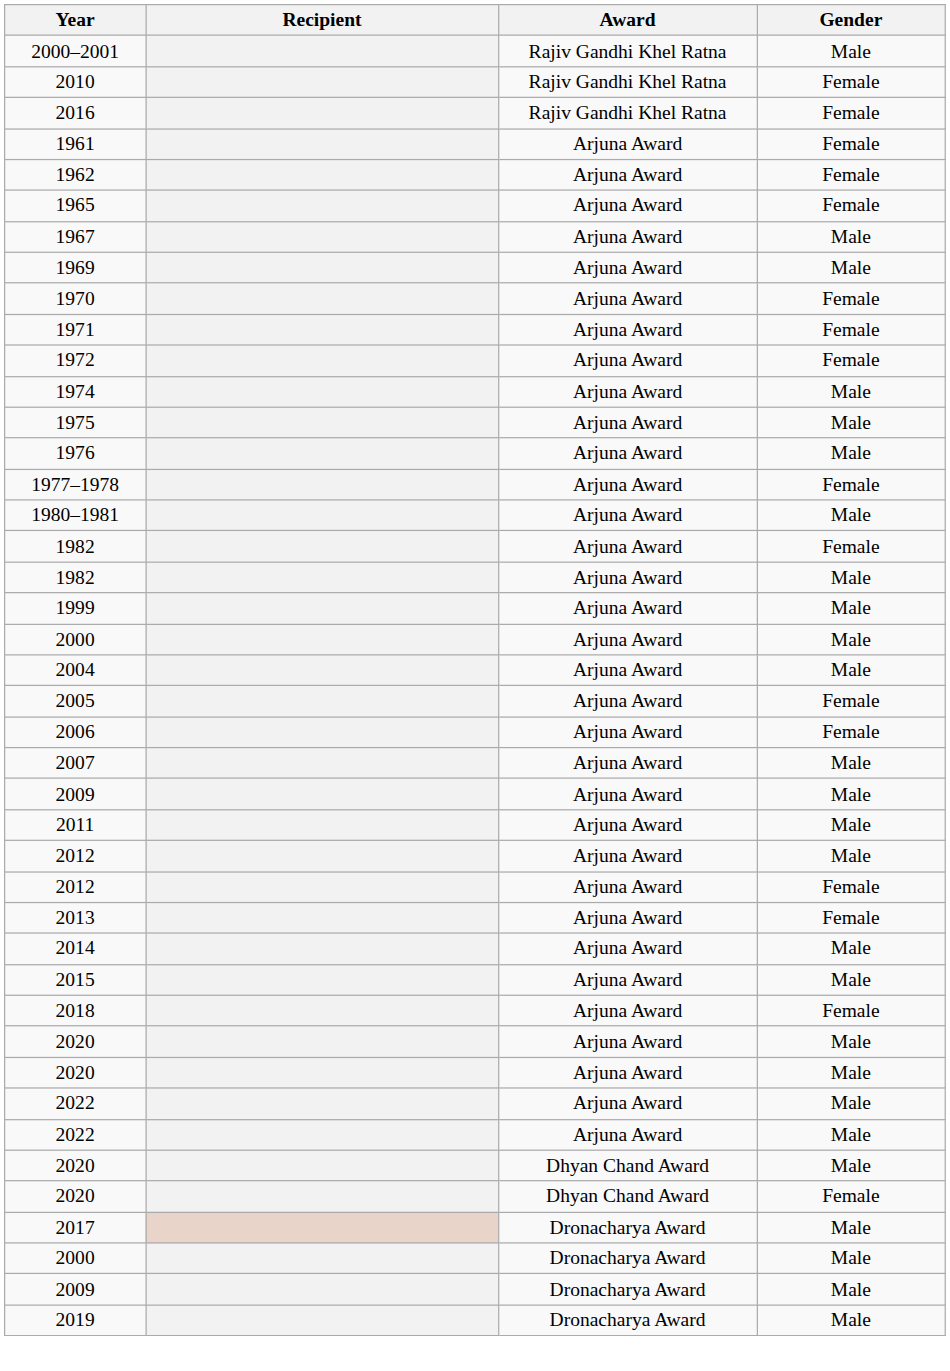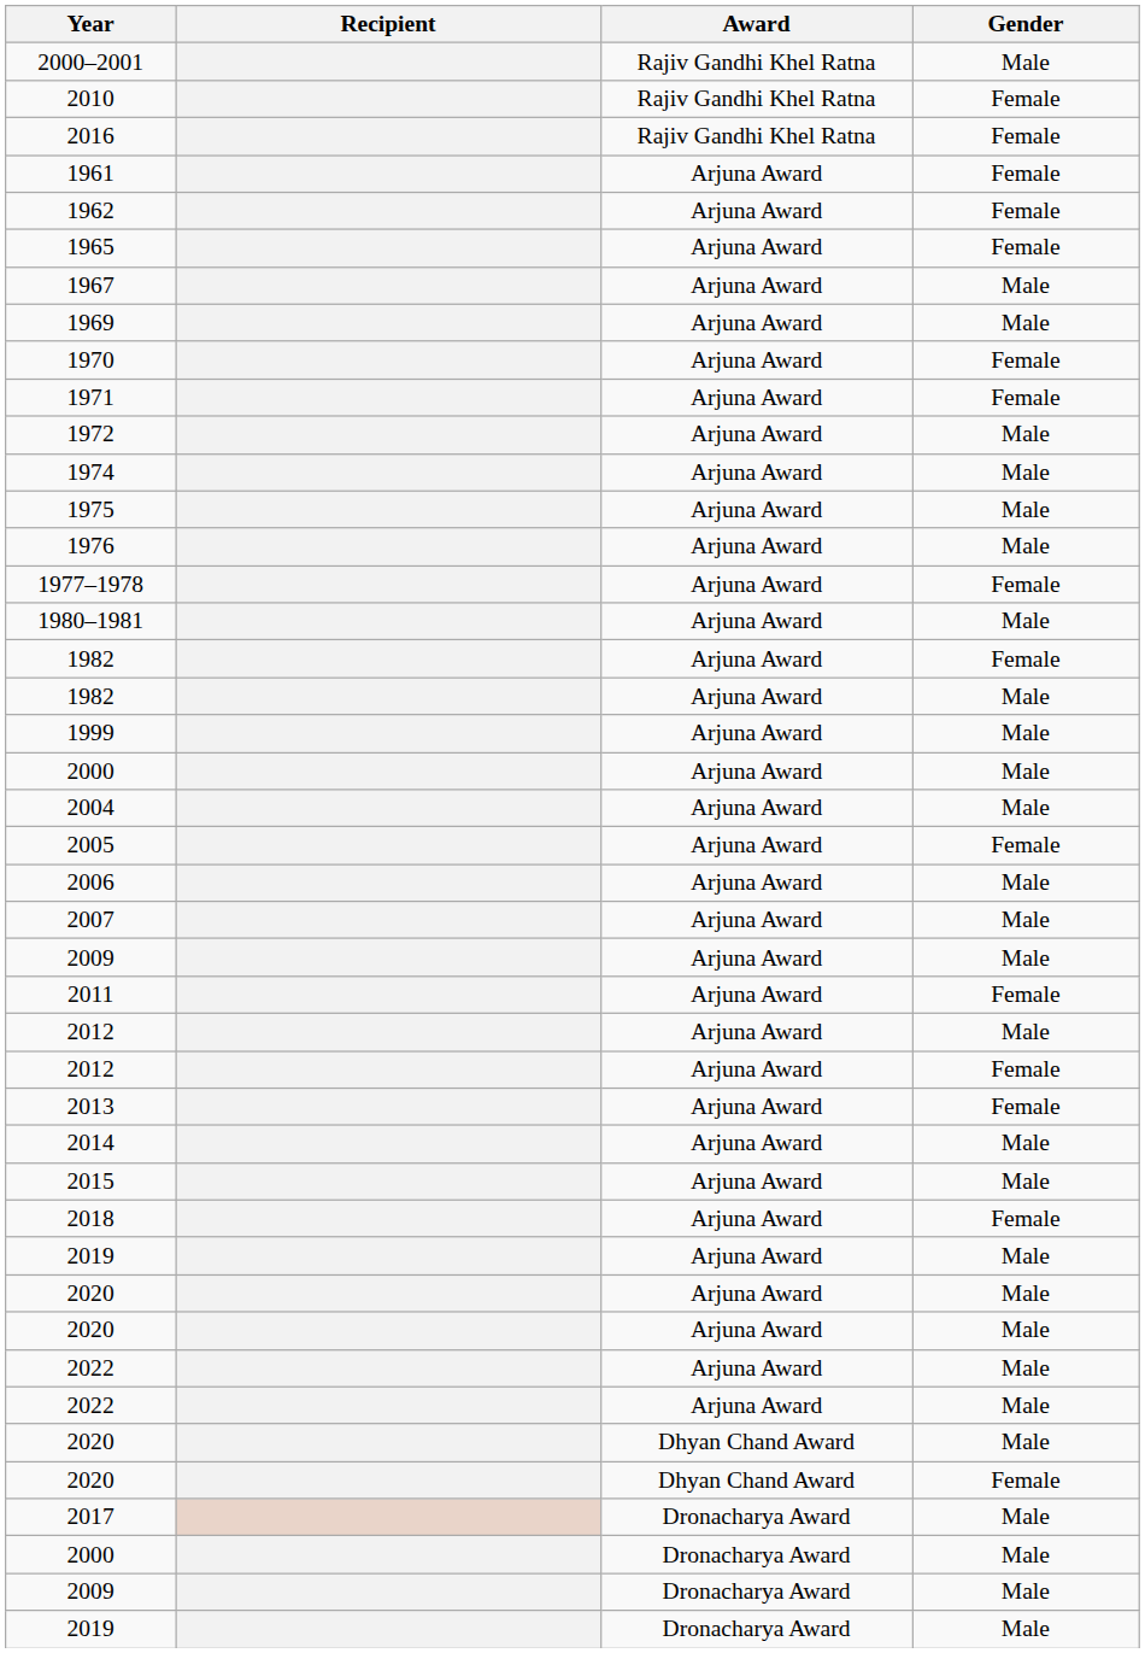 <table class="wikitable" style="text-align:center;">
 <tr>
 <th scope="col" style="width:12%">Year</th>
 <th scope="col" style="width:30%">Recipient</th>
 <th scope="col" style="width:22%">Award</th>
 <th scope="col" style="width:16%">Gender</th>
 </tr>
 <tr>
 <td style="text-align:center;">2000–2001</td>
 <th scope="row"></th>
 <td>Rajiv Gandhi Khel Ratna</td>
 <td>Male</td>
 </tr>
 <tr>
 <td style="text-align:center;">2010</td>
 <th scope="row"></th>
 <td>Rajiv Gandhi Khel Ratna</td>
 <td>Female</td>
 </tr>
 <tr>
 <td style="text-align:center;">2016</td>
 <th scope="row"></th>
 <td>Rajiv Gandhi Khel Ratna</td>
 <td>Female</td>
 </tr>
 <tr>
 <td style="text-align:center;">1961</td>
 <th scope="row"></th>
 <td>Arjuna Award</td>
 <td>Female</td>
 </tr>
 <tr>
 <td style="text-align:center;">1962</td>
 <th scope="row"></th>
 <td>Arjuna Award</td>
 <td>Female</td>
 </tr>
 <tr>
 <td style="text-align:center;">1965</td>
 <th scope="row"></th>
 <td>Arjuna Award</td>
 <td>Female</td>
 </tr>
 <tr>
 <td style="text-align:center;">1967</td>
 <th scope="row"></th>
 <td>Arjuna Award</td>
 <td>Male</td>
 </tr>
 <tr>
 <td style="text-align:center;">1969</td>
 <th scope="row"></th>
 <td>Arjuna Award</td>
 <td>Male</td>
 </tr>
 <tr>
 <td style="text-align:center;">1970</td>
 <th scope="row"></th>
 <td>Arjuna Award</td>
 <td>Female</td>
 </tr>
 <tr>
 <td style="text-align:center;">1971</td>
 <th scope="row"></th>
 <td>Arjuna Award</td>
 <td>Female</td>
 </tr>
 <tr>
 <td style="text-align:center;">1972</td>
 <th scope="row"></th>
 <td>Arjuna Award</td>
-<td>Female</td>
+<td>Male</td>
 </tr>
 <tr>
 <td style="text-align:center;">1974</td>
 <th scope="row"></th>
 <td>Arjuna Award</td>
 <td>Male</td>
 </tr>
 <tr>
 <td style="text-align:center;">1975</td>
 <th scope="row"></th>
 <td>Arjuna Award</td>
 <td>Male</td>
 </tr>
 <tr>
 <td style="text-align:center;">1976</td>
 <th scope="row"></th>
 <td>Arjuna Award</td>
 <td>Male</td>
 </tr>
 <tr>
 <td style="text-align:center;">1977–1978</td>
 <th scope="row"></th>
 <td>Arjuna Award</td>
 <td>Female</td>
 </tr>
 <tr>
 <td style="text-align:center;">1980–1981</td>
 <th scope="row"></th>
 <td>Arjuna Award</td>
 <td>Male</td>
 </tr>
 <tr>
 <td style="text-align:center;">1982</td>
 <th scope="row"></th>
 <td>Arjuna Award</td>
 <td>Female</td>
 </tr>
 <tr>
 <td style="text-align:center;">1982</td>
 <th scope="row"></th>
 <td>Arjuna Award</td>
 <td>Male</td>
 </tr>
 <tr>
 <td style="text-align:center;">1999</td>
 <th scope="row"></th>
 <td>Arjuna Award</td>
 <td>Male</td>
 </tr>
 <tr>
 <td style="text-align:center;">2000</td>
 <th scope="row"></th>
 <td>Arjuna Award</td>
 <td>Male</td>
 </tr>
 <tr>
 <td style="text-align:center;">2004</td>
 <th scope="row"></th>
 <td>Arjuna Award</td>
 <td>Male</td>
 </tr>
 <tr>
 <td style="text-align:center;">2005</td>
 <th scope="row"></th>
 <td>Arjuna Award</td>
 <td>Female</td>
 </tr>
 <tr>
 <td style="text-align:center;">2006</td>
 <th scope="row"></th>
 <td>Arjuna Award</td>
-<td>Female</td>
+<td>Male</td>
 </tr>
 <tr>
 <td style="text-align:center;">2007</td>
 <th scope="row"></th>
 <td>Arjuna Award</td>
 <td>Male</td>
 </tr>
 <tr>
 <td style="text-align:center;">2009</td>
 <th scope="row"></th>
 <td>Arjuna Award</td>
 <td>Male</td>
 </tr>
 <tr>
 <td style="text-align:center;">2011</td>
 <th scope="row"></th>
 <td>Arjuna Award</td>
-<td>Male</td>
+<td>Female</td>
 </tr>
 <tr>
 <td style="text-align:center;">2012</td>
 <th scope="row"></th>
 <td>Arjuna Award</td>
 <td>Male</td>
 </tr>
 <tr>
 <td style="text-align:center;">2012</td>
 <th scope="row"></th>
 <td>Arjuna Award</td>
 <td>Female</td>
 </tr>
 <tr>
 <td style="text-align:center;">2013</td>
 <th scope="row"></th>
 <td>Arjuna Award</td>
 <td>Female</td>
 </tr>
 <tr>
 <td style="text-align:center;">2014</td>
 <th scope="row"></th>
 <td>Arjuna Award</td>
 <td>Male</td>
 </tr>
 <tr>
 <td style="text-align:center;">2015</td>
 <th scope="row"></th>
 <td>Arjuna Award</td>
 <td>Male</td>
 </tr>
 <tr>
 <td style="text-align:center;">2018</td>
 <th scope="row"></th>
 <td>Arjuna Award</td>
 <td>Female</td>
+</tr>
+<tr>
+<td style="text-align:center;">2019</td>
+<th scope="row"></th>
+<td>Arjuna Award</td>
+<td>Male</td>
 </tr>
 <tr>
 <td style="text-align:center;">2020</td>
 <th scope="row"></th>
 <td>Arjuna Award</td>
 <td>Male</td>
 </tr>
 <tr>
 <td style="text-align:center;">2020</td>
 <th scope="row"></th>
 <td>Arjuna Award</td>
 <td>Male</td>
 </tr>
 <tr>
 <td style="text-align:center;">2022</td>
 <th scope="row"></th>
 <td>Arjuna Award</td>
 <td>Male</td>
 </tr>
 <tr>
 <td style="text-align:center;">2022</td>
 <th scope="row"></th>
 <td>Arjuna Award</td>
 <td>Male</td>
 </tr>
 <tr>
 <td style="text-align:center;">2020</td>
 <th scope="row"></th>
 <td>Dhyan Chand Award</td>
 <td>Male</td>
 </tr>
 <tr>
 <td style="text-align:center;">2020</td>
 <th scope="row"></th>
 <td>Dhyan Chand Award</td>
 <td>Female</td>
 </tr>
 <tr>
 <td style="text-align:center;">2017</td>
 <th scope="row" style="background-color:#E9D4C9"> </th>
 <td>Dronacharya Award</td>
 <td>Male</td>
 </tr>
 <tr>
 <td style="text-align:center;">2000</td>
 <th scope="row"></th>
 <td>Dronacharya Award</td>
 <td>Male</td>
 </tr>
 <tr>
 <td style="text-align:center;">2009</td>
 <th scope="row"></th>
 <td>Dronacharya Award</td>
 <td>Male</td>
 </tr>
 <tr>
 <td style="text-align:center;">2019</td>
 <th scope="row"></th>
 <td>Dronacharya Award</td>
 <td>Male</td>
 </tr>
 </table>
